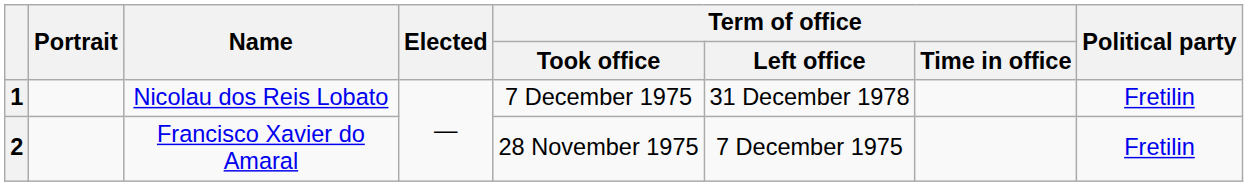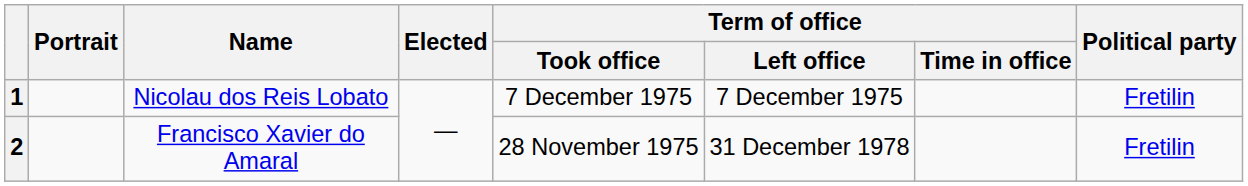 <table class="wikitable" style="text-align:center">
 <tr>
 <th rowspan="2"></th>
 <th rowspan="2">Portrait</th>
 <th rowspan="2" width="180">Name<br></th>
 <th rowspan="2">Elected</th>
 <th colspan="3">Term of office</th>
 <th rowspan="2">Political party</th>
 </tr>
 <tr>
 <th>Took office</th>
 <th>Left office</th>
 <th>Time in office</th>
 </tr>
 <tr>
 <th style="background:">1</th>
 <td></td>
 <td><a href='#'>Nicolau dos Reis Lobato</a><br></td>
 <td rowspan="2">—</td>
 <td>7 December 1975</td>
-<td>31 December 1978</td>
+<td>7 December 1975</td>
 <td></td>
 <td><a href='#'>Fretilin</a></td>
 </tr>
 <tr>
 <th style="background:">2</th>
 <td></td>
 <td><a href='#'>Francisco Xavier do Amaral</a><br></td>
 <td>28 November 1975</td>
-<td>7 December 1975</td>
+<td>31 December 1978</td>
 <td></td>
 <td><a href='#'>Fretilin</a></td>
 </tr>
 </table>
